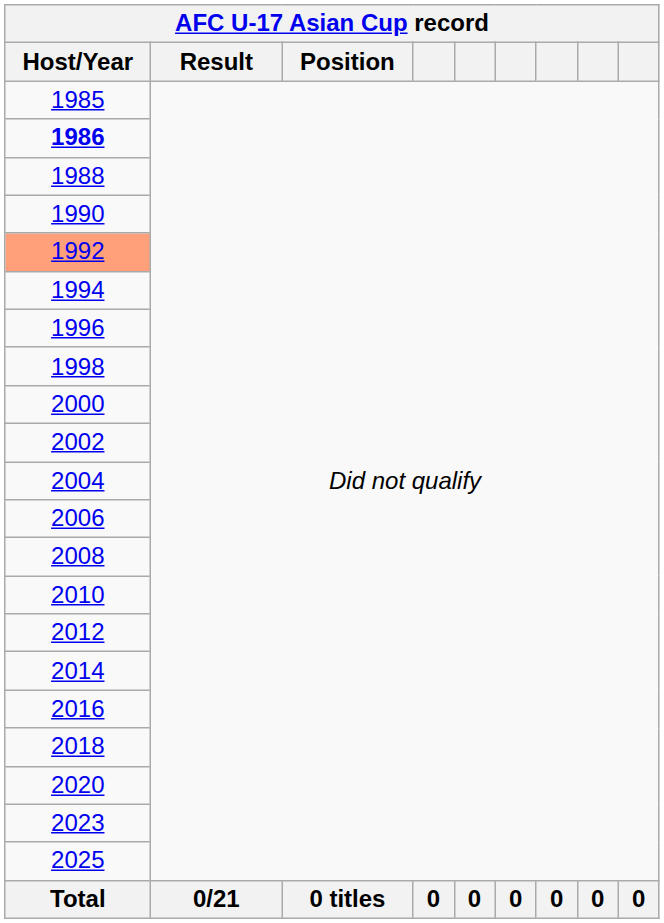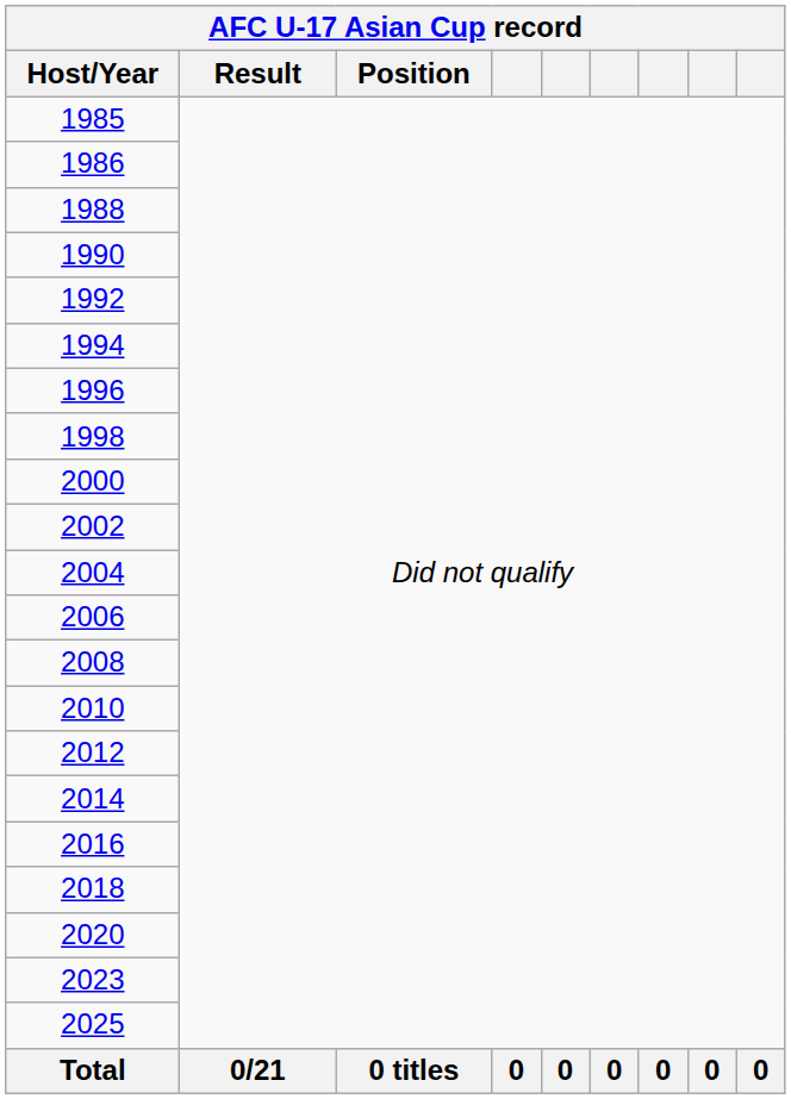 <table class="wikitable collapsible" style="text-align: center;">
 <tr>
 <th colspan=9><a href='#'>AFC U-17 Asian Cup</a> record</th>
 </tr>
 <tr>
 <th width="90">Host/Year</th>
 <th width="80">Result</th>
 <th width="80">Position</th>
 <th width="20"></th>
 <th width="20"></th>
 <th width="20"></th>
 <th width="20"></th>
 <th width="20"></th>
 <th width="20"></th>
 </tr>
 <tr>
 <td> <a href='#'>1985</a></td>
 <td rowspan="21" colspan="8"><em>Did not qualify</em></td>
 </tr>
 <tr>
-<td><strong> <a href='#'>1986</a></strong></td>
+<td> <a href='#'>1986</a></td>
 </tr>
 <tr>
 <td> <a href='#'>1988</a></td>
 </tr>
 <tr>
 <td> <a href='#'>1990</a></td>
 </tr>
 <tr>
-<td style="background: lightsalmon;"> <a href='#'>1992</a></td>
+<td> <a href='#'>1992</a></td>
 </tr>
 <tr>
 <td> <a href='#'>1994</a></td>
 </tr>
 <tr>
 <td> <a href='#'>1996</a></td>
 </tr>
 <tr>
 <td> <a href='#'>1998</a></td>
 </tr>
 <tr>
 <td> <a href='#'>2000</a></td>
 </tr>
 <tr>
 <td> <a href='#'>2002</a></td>
 </tr>
 <tr>
 <td> <a href='#'>2004</a></td>
 </tr>
 <tr>
 <td> <a href='#'>2006</a></td>
 </tr>
 <tr>
 <td> <a href='#'>2008</a></td>
 </tr>
 <tr>
 <td> <a href='#'>2010</a></td>
 </tr>
 <tr>
 <td> <a href='#'>2012</a></td>
 </tr>
 <tr>
 <td> <a href='#'>2014</a></td>
 </tr>
 <tr>
 <td> <a href='#'>2016</a></td>
 </tr>
 <tr>
 <td> <a href='#'>2018</a></td>
 </tr>
 <tr>
 <td> <a href='#'>2020</a></td>
 </tr>
 <tr>
 <td> <a href='#'>2023</a></td>
 </tr>
 <tr>
 <td> <a href='#'>2025</a></td>
 </tr>
 <tr>
 <th><strong>Total</strong></th>
 <th><strong>0/21</strong></th>
 <th><strong>0 titles</strong></th>
 <th><strong>0</strong></th>
 <th><strong>0</strong></th>
 <th><strong>0</strong></th>
 <th><strong>0</strong></th>
 <th><strong>0</strong></th>
 <th><strong>0</strong></th>
 </tr>
 </table>
